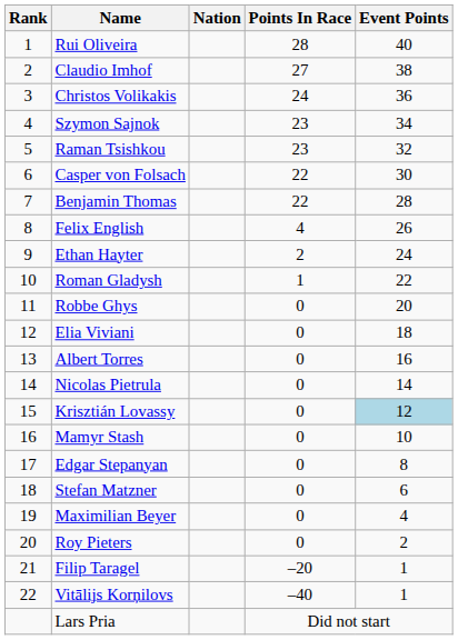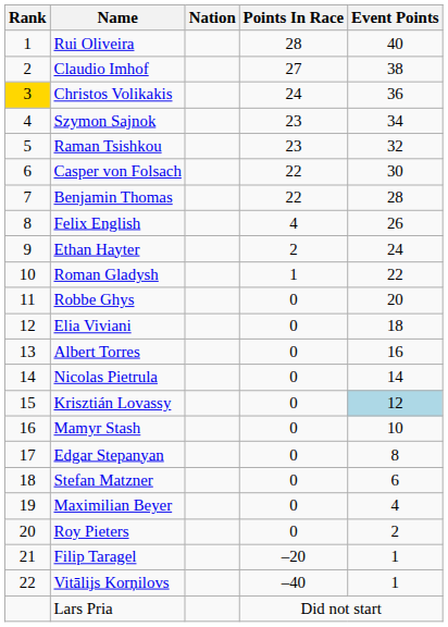 <table class="wikitable sortable" style="text-align:center">
 <tr>
 <th>Rank</th>
 <th>Name</th>
 <th>Nation</th>
 <th>Points In Race</th>
 <th>Event Points</th>
 </tr>
 <tr>
 <td>1</td>
 <td align=left><a href='#'>Rui Oliveira</a></td>
 <td align=left></td>
 <td>28</td>
 <td>40</td>
 </tr>
 <tr>
 <td>2</td>
 <td align=left><a href='#'>Claudio Imhof</a></td>
 <td align=left></td>
 <td>27</td>
 <td>38</td>
 </tr>
 <tr>
-<td>3</td>
+<td style="background: gold;">3</td>
 <td align=left><a href='#'>Christos Volikakis</a></td>
 <td align=left></td>
 <td>24</td>
 <td>36</td>
 </tr>
 <tr>
 <td>4</td>
 <td align=left><a href='#'>Szymon Sajnok</a></td>
 <td align=left></td>
 <td>23</td>
 <td>34</td>
 </tr>
 <tr>
 <td>5</td>
 <td align=left><a href='#'>Raman Tsishkou</a></td>
 <td align=left></td>
 <td>23</td>
 <td>32</td>
 </tr>
 <tr>
 <td>6</td>
 <td align=left><a href='#'>Casper von Folsach</a></td>
 <td align=left></td>
 <td>22</td>
 <td>30</td>
 </tr>
 <tr>
 <td>7</td>
 <td align=left><a href='#'>Benjamin Thomas</a></td>
 <td align=left></td>
 <td>22</td>
 <td>28</td>
 </tr>
 <tr>
 <td>8</td>
 <td align=left><a href='#'>Felix English</a></td>
 <td align=left></td>
 <td>4</td>
 <td>26</td>
 </tr>
 <tr>
 <td>9</td>
 <td align=left><a href='#'>Ethan Hayter</a></td>
 <td align=left></td>
 <td>2</td>
 <td>24</td>
 </tr>
 <tr>
 <td>10</td>
 <td align=left><a href='#'>Roman Gladysh</a></td>
 <td align=left></td>
 <td>1</td>
 <td>22</td>
 </tr>
 <tr>
 <td>11</td>
 <td align=left><a href='#'>Robbe Ghys</a></td>
 <td align=left></td>
 <td>0</td>
 <td>20</td>
 </tr>
 <tr>
 <td>12</td>
 <td align=left><a href='#'>Elia Viviani</a></td>
 <td align=left></td>
 <td>0</td>
 <td>18</td>
 </tr>
 <tr>
 <td>13</td>
 <td align=left><a href='#'>Albert Torres</a></td>
 <td align=left></td>
 <td>0</td>
 <td>16</td>
 </tr>
 <tr>
 <td>14</td>
 <td align=left><a href='#'>Nicolas Pietrula</a></td>
 <td align=left></td>
 <td>0</td>
 <td>14</td>
 </tr>
 <tr>
 <td>15</td>
 <td align=left><a href='#'>Krisztián Lovassy</a></td>
 <td align=left></td>
 <td>0</td>
 <td style="background: lightblue;">12</td>
 </tr>
 <tr>
 <td>16</td>
 <td align=left><a href='#'>Mamyr Stash</a></td>
 <td align=left></td>
 <td>0</td>
 <td>10</td>
 </tr>
 <tr>
 <td>17</td>
 <td align=left><a href='#'>Edgar Stepanyan</a></td>
 <td align=left></td>
 <td>0</td>
 <td>8</td>
 </tr>
 <tr>
 <td>18</td>
 <td align=left><a href='#'>Stefan Matzner</a></td>
 <td align=left></td>
 <td>0</td>
 <td>6</td>
 </tr>
 <tr>
 <td>19</td>
 <td align=left><a href='#'>Maximilian Beyer</a></td>
 <td align=left></td>
 <td>0</td>
 <td>4</td>
 </tr>
 <tr>
 <td>20</td>
 <td align=left><a href='#'>Roy Pieters</a></td>
 <td align=left></td>
 <td>0</td>
 <td>2</td>
 </tr>
 <tr>
 <td>21</td>
 <td align=left><a href='#'>Filip Taragel</a></td>
 <td align=left></td>
 <td>–20</td>
 <td>1</td>
 </tr>
 <tr>
 <td>22</td>
 <td align=left><a href='#'>Vitālijs Korņilovs</a></td>
 <td align=left></td>
 <td>–40</td>
 <td>1</td>
 </tr>
 <tr>
 <td></td>
 <td align=left>Lars Pria</td>
 <td align=left></td>
 <td colspan=2>Did not start</td>
 </tr>
 </table>
